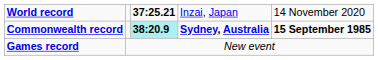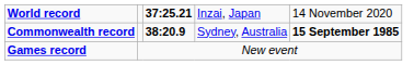 <table class="wikitable">
 <tr>
 <td><a href='#'><strong>World record</strong></a></td>
 <td></td>
 <td><strong>37:25.21</strong></td>
 <td><a href='#'>Inzai</a>, <a href='#'>Japan</a></td>
 <td>14 November 2020</td>
 </tr>
 <tr>
 <td><a href='#'><strong>Commonwealth record</strong></a></td>
 <td></td>
-<td style="background: paleturquoise;"><strong>38:20.9</strong></td>
-<td><strong><a href='#'>Sydney</a>, <a href='#'>Australia</a></strong></td>
+<td><strong>38:20.9</strong></td>
+<td><a href='#'>Sydney</a>, <a href='#'>Australia</a></td>
 <td><strong>15 September 1985</strong></td>
 </tr>
 <tr>
 <td><a href='#'><strong>Games record</strong></a></td>
 <td colspan=4 style="text-align:center"><em>New event</em></td>
 </tr>
 </table>
